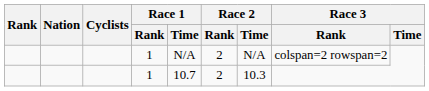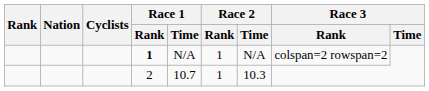 <table class="wikitable sortable" style="text-align:center">
 <tr>
 <th rowspan=2>Rank</th>
 <th rowspan=2>Nation</th>
 <th rowspan=2>Cyclists</th>
 <th colspan=2>Race 1</th>
 <th colspan=2>Race 2</th>
 <th colspan=2>Race 3</th>
 </tr>
 <tr>
 <th>Rank</th>
 <th>Time</th>
 <th>Rank</th>
 <th>Time</th>
 <th>Rank</th>
 <th>Time</th>
 </tr>
 <tr>
 <td></td>
 <td align=left></td>
 <td align=left></td>
+<td><strong>1</strong></td>
+<td>N/A</td>
 <td>1</td>
-<td>N/A</td>
-<td>2</td>
 <td>N/A</td>
 <td>colspan=2 rowspan=2 </td>
 </tr>
 <tr>
 <td></td>
 <td align=left></td>
 <td align=left></td>
+<td>2</td>
+<td>10.7</td>
 <td>1</td>
-<td>10.7</td>
-<td>2</td>
 <td>10.3</td>
 </tr>
 </table>
